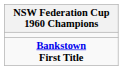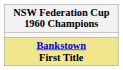 <table class="wikitable" style="text-align: center; margin: 0 auto; width: 20%">
 <tr>
 <th>NSW Federation Cup<br>1960 Champions</th>
 </tr>
 <tr>
 <td></td>
 </tr>
 <tr>
-<td><strong><a href='#'>Bankstown</a></strong><br><strong>First Title</strong></td>
+<td style="background: khaki;"><strong><a href='#'>Bankstown</a></strong><br><strong>First Title</strong></td>
 </tr>
 </table>
